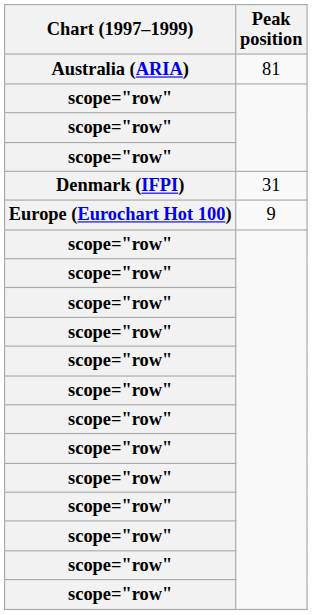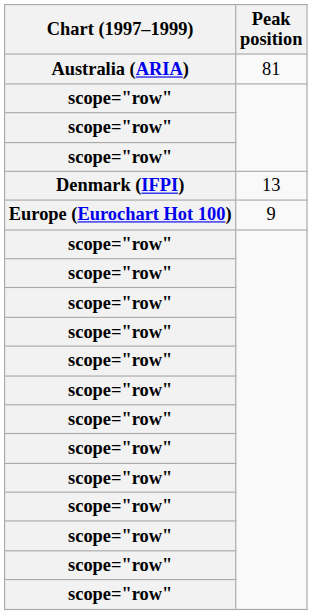 <table class="wikitable sortable plainrowheaders" style="text-align:center;">
 <tr>
 <th scope="col">Chart (1997–1999)</th>
 <th scope="col">Peak<br>position</th>
 </tr>
 <tr>
 <th scope="row">Australia (<a href='#'>ARIA</a>)</th>
 <td>81</td>
 </tr>
 <tr>
 <th>scope="row"</th>
 </tr>
 <tr>
 <th>scope="row"</th>
 </tr>
 <tr>
 <th>scope="row"</th>
 </tr>
 <tr>
 <th scope="row">Denmark (<a href='#'>IFPI</a>)</th>
-<td>31</td>
+<td>13</td>
 </tr>
 <tr>
 <th scope="row">Europe (<a href='#'>Eurochart Hot 100</a>)</th>
 <td>9</td>
 </tr>
 <tr>
 <th>scope="row"</th>
 </tr>
 <tr>
 <th>scope="row"</th>
 </tr>
 <tr>
 <th>scope="row"</th>
 </tr>
 <tr>
 <th>scope="row"</th>
 </tr>
 <tr>
 <th>scope="row"</th>
 </tr>
 <tr>
 <th>scope="row"</th>
 </tr>
 <tr>
 <th>scope="row"</th>
 </tr>
 <tr>
 <th>scope="row"</th>
 </tr>
 <tr>
 <th>scope="row"</th>
 </tr>
 <tr>
 <th>scope="row"</th>
 </tr>
 <tr>
 <th>scope="row"</th>
 </tr>
 <tr>
 <th>scope="row"</th>
 </tr>
 <tr>
 <th>scope="row"</th>
 </tr>
 </table>
